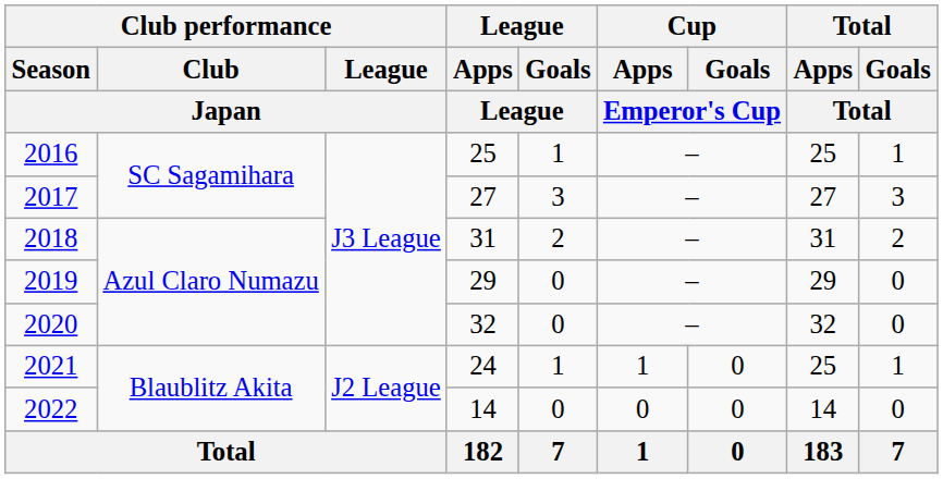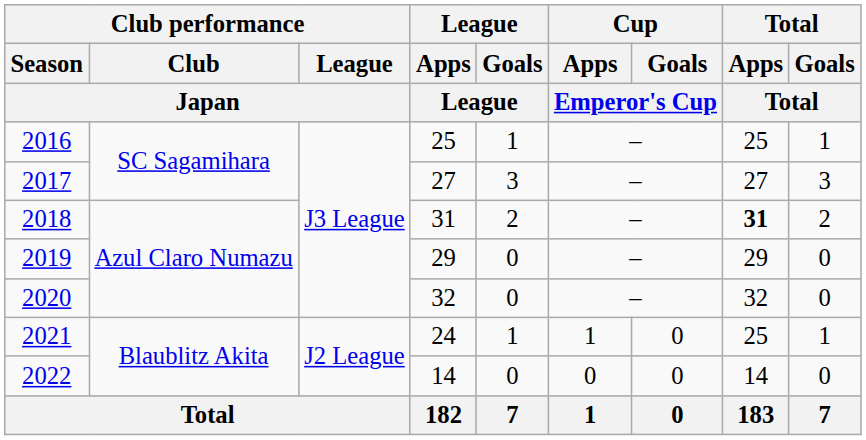 <table class="wikitable" style="text-align:center;">
 <tr>
 <th colspan=3>Club performance</th>
 <th colspan=2>League</th>
 <th colspan=2>Cup</th>
 <th colspan=2>Total</th>
 </tr>
 <tr>
 <th>Season</th>
 <th>Club</th>
 <th>League</th>
 <th>Apps</th>
 <th>Goals</th>
 <th>Apps</th>
 <th>Goals</th>
 <th>Apps</th>
 <th>Goals</th>
 </tr>
 <tr>
 <th colspan=3>Japan</th>
 <th colspan=2>League</th>
 <th colspan=2><a href='#'>Emperor's Cup</a></th>
 <th colspan=2>Total</th>
 </tr>
 <tr>
 <td><a href='#'>2016</a></td>
 <td rowspan="2"><a href='#'>SC Sagamihara</a></td>
 <td rowspan="5"><a href='#'>J3 League</a></td>
 <td>25</td>
 <td>1</td>
 <td colspan="2">–</td>
 <td>25</td>
 <td>1</td>
 </tr>
 <tr>
 <td><a href='#'>2017</a></td>
 <td>27</td>
 <td>3</td>
 <td colspan="2">–</td>
 <td>27</td>
 <td>3</td>
 </tr>
 <tr>
 <td><a href='#'>2018</a></td>
 <td rowspan="3"><a href='#'>Azul Claro Numazu</a></td>
 <td>31</td>
 <td>2</td>
 <td colspan="2">–</td>
-<td>31</td>
+<td><strong>31</strong></td>
 <td>2</td>
 </tr>
 <tr>
 <td><a href='#'>2019</a></td>
 <td>29</td>
 <td>0</td>
 <td colspan="2">–</td>
 <td>29</td>
 <td>0</td>
 </tr>
 <tr>
 <td><a href='#'>2020</a></td>
 <td>32</td>
 <td>0</td>
 <td colspan="2">–</td>
 <td>32</td>
 <td>0</td>
 </tr>
 <tr>
 <td><a href='#'>2021</a></td>
 <td rowspan="2"><a href='#'>Blaublitz Akita</a></td>
 <td rowspan="2"><a href='#'>J2 League</a></td>
 <td>24</td>
 <td>1</td>
 <td>1</td>
 <td>0</td>
 <td>25</td>
 <td>1</td>
 </tr>
 <tr>
 <td><a href='#'>2022</a></td>
 <td>14</td>
 <td>0</td>
 <td>0</td>
 <td>0</td>
 <td>14</td>
 <td>0</td>
 </tr>
 <tr>
 <th colspan=3>Total</th>
 <th>182</th>
 <th>7</th>
 <th>1</th>
 <th>0</th>
 <th>183</th>
 <th>7</th>
 </tr>
 </table>
